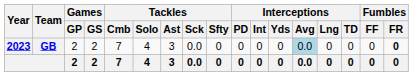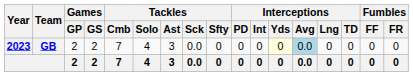 <table class="wikitable" style="text-align: center;">
 <tr>
 <th rowspan="2">Year</th>
 <th rowspan="2">Team</th>
 <th colspan="2">Games</th>
 <th colspan="5">Tackles</th>
 <th colspan="6">Interceptions</th>
 <th colspan="2">Fumbles</th>
 </tr>
 <tr>
 <th>GP</th>
 <th>GS</th>
 <th>Cmb</th>
 <th>Solo</th>
 <th>Ast</th>
 <th>Sck</th>
 <th>Sfty</th>
 <th>PD</th>
 <th>Int</th>
 <th>Yds</th>
 <th>Avg</th>
 <th>Lng</th>
 <th>TD</th>
 <th>FF</th>
 <th>FR</th>
 </tr>
 <tr>
 <th><a href='#'>2023</a></th>
 <th><a href='#'>GB</a></th>
 <td>2</td>
 <td>2</td>
 <td>7</td>
 <td>4</td>
 <td>3</td>
 <td>0.0</td>
 <td>0</td>
 <td>0</td>
 <td>0</td>
-<td>0</td>
+<td style="background: lightyellow;">0</td>
 <td style="background: lightblue;">0.0</td>
 <td>0</td>
 <td>0</td>
 <td>0</td>
-<td><strong>0</strong></td>
+<td>0</td>
 </tr>
 <tr>
 <th colspan="2"></th>
 <th>2</th>
 <th>2</th>
 <th>7</th>
 <th>4</th>
 <th>3</th>
 <th>0.0</th>
 <th>0</th>
 <th>0</th>
 <th>0</th>
 <th>0</th>
 <th>0.0</th>
 <th>0</th>
 <th>0</th>
 <th>0</th>
 <th>0</th>
 </tr>
 </table>
